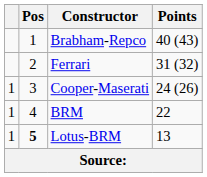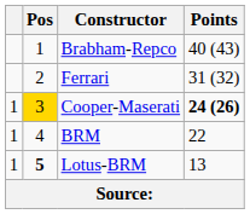 <table class="wikitable" style="font-size: 95%;">
 <tr>
 <th></th>
 <th>Pos</th>
 <th>Constructor</th>
 <th>Points</th>
 </tr>
 <tr>
 <td align="left"></td>
 <td align="center">1</td>
 <td> <a href='#'>Brabham</a>-<a href='#'>Repco</a></td>
 <td align="left">40 (43)</td>
 </tr>
 <tr>
 <td align="left"></td>
 <td align="center">2</td>
 <td> <a href='#'>Ferrari</a></td>
 <td align="left">31 (32)</td>
 </tr>
 <tr>
 <td align="left"> 1</td>
-<td align="center">3</td>
+<td align="center" style="background: gold;">3</td>
 <td> <a href='#'>Cooper</a>-<a href='#'>Maserati</a></td>
-<td align="left">24 (26)</td>
+<td align="left"><strong>24 (26)</strong></td>
 </tr>
 <tr>
 <td align="left"> 1</td>
 <td align="center">4</td>
 <td> <a href='#'>BRM</a></td>
 <td align="left">22</td>
 </tr>
 <tr>
 <td align="left"> 1</td>
 <td align="center"><strong>5</strong></td>
 <td> <a href='#'>Lotus</a>-<a href='#'>BRM</a></td>
 <td align="left">13</td>
 </tr>
 <tr>
 <th colspan=4>Source:</th>
 </tr>
 </table>
